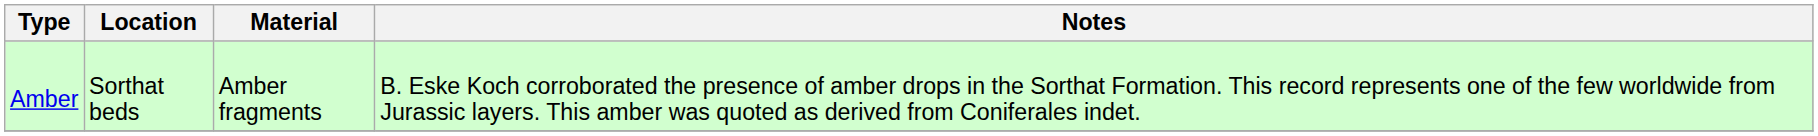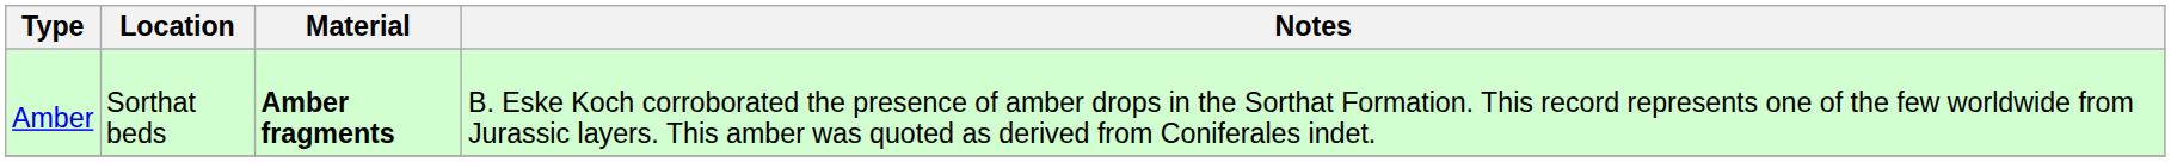 <table class="wikitable sortable">
 <tr>
 <th>Type</th>
 <th>Location</th>
 <th>Material</th>
 <th>Notes</th>
 </tr>
 <tr>
 <td style="background:#D1FFCF;"><br><a href='#'>Amber</a></td>
 <td style="background:#D1FFCF;"><br>Sorthat beds</td>
-<td style="background:#D1FFCF;"><br>Amber fragments</td>
+<td style="background:#D1FFCF;"><strong><br>Amber fragments</strong></td>
 <td style="background:#D1FFCF;"><br>B. Eske Koch corroborated the presence of amber drops in the Sorthat Formation. This record represents one of the few worldwide from Jurassic layers. This amber was quoted as derived from Coniferales indet.</td>
 </tr>
 <tr>
 </tr>
 </table>
